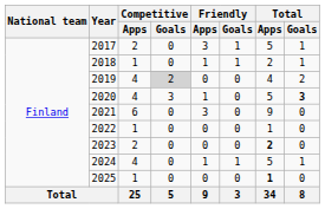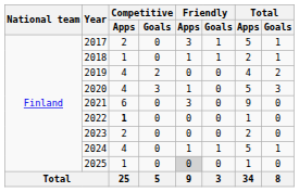 <table class="wikitable" style="text-align:center">
 <tr>
 <th rowspan="2">National team</th>
 <th rowspan="2">Year</th>
 <th colspan="2">Competitive</th>
 <th colspan="2">Friendly</th>
 <th colspan="2">Total</th>
 </tr>
 <tr>
 <th>Apps</th>
 <th>Goals</th>
 <th>Apps</th>
 <th>Goals</th>
 <th>Apps</th>
 <th>Goals</th>
 </tr>
 <tr>
 <td rowspan=9><a href='#'>Finland</a></td>
 <td>2017</td>
 <td>2</td>
 <td>0</td>
 <td>3</td>
 <td>1</td>
 <td>5</td>
 <td>1</td>
 </tr>
 <tr>
 <td>2018</td>
 <td>1</td>
 <td>0</td>
 <td>1</td>
 <td>1</td>
 <td>2</td>
 <td>1</td>
 </tr>
 <tr>
 <td>2019</td>
 <td>4</td>
-<td style="background: lightgrey;">2</td>
+<td>2</td>
 <td>0</td>
 <td>0</td>
 <td>4</td>
 <td>2</td>
 </tr>
 <tr>
 <td>2020</td>
 <td>4</td>
 <td>3</td>
 <td>1</td>
 <td>0</td>
 <td>5</td>
-<td><strong>3</strong></td>
+<td>3</td>
 </tr>
 <tr>
 <td>2021</td>
 <td>6</td>
 <td>0</td>
 <td>3</td>
 <td>0</td>
 <td>9</td>
 <td>0</td>
 </tr>
 <tr>
 <td>2022</td>
-<td>1</td>
+<td><strong>1</strong></td>
 <td>0</td>
 <td>0</td>
 <td>0</td>
 <td>1</td>
 <td>0</td>
 </tr>
 <tr>
 <td>2023</td>
 <td>2</td>
 <td>0</td>
 <td>0</td>
 <td>0</td>
-<td><strong>2</strong></td>
+<td>2</td>
 <td>0</td>
 </tr>
 <tr>
 <td>2024</td>
 <td>4</td>
 <td>0</td>
 <td>1</td>
 <td>1</td>
 <td>5</td>
 <td>1</td>
 </tr>
 <tr>
 <td>2025</td>
 <td>1</td>
 <td>0</td>
+<td style="background: lightgrey;">0</td>
 <td>0</td>
-<td>0</td>
-<td><strong>1</strong></td>
+<td>1</td>
 <td>0</td>
 </tr>
 <tr>
 <th colspan=2>Total</th>
 <th>25</th>
 <th>5</th>
 <th>9</th>
 <th>3</th>
 <th>34</th>
 <th>8</th>
 </tr>
 </table>
